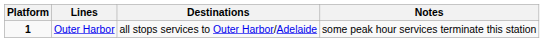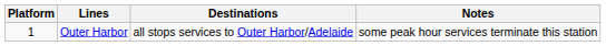 <table class="wikitable" style="float: none; margin: 0.5em; ">
 <tr>
 <th>Platform</th>
 <th>Lines</th>
 <th>Destinations</th>
 <th>Notes</th>
 </tr>
 <tr>
-<td rowspan="1" style="text-align:center;"><strong>1</strong></td>
+<td rowspan="1" style="text-align:center;">1</td>
 <td style=background:#><a href='#'><span>Outer Harbor</span></a></td>
 <td>all stops services to <a href='#'>Outer Harbor</a>/<a href='#'>Adelaide</a></td>
 <td>some peak hour services terminate this station</td>
 </tr>
 </table>
